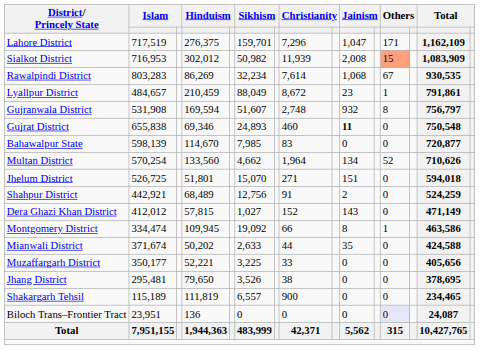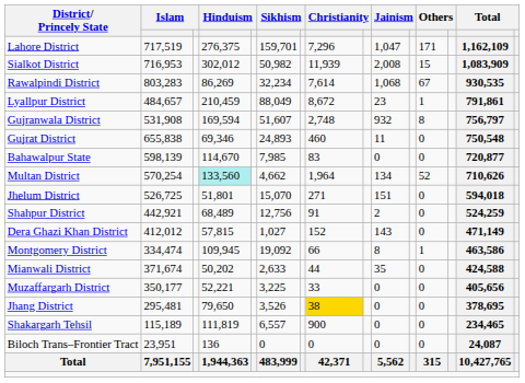 <table class="wikitable sortable">
 <tr>
 <th rowspan="2"><a href='#'>District</a>/<br><a href='#'>Princely State</a></th>
 <th colspan="2"><a href='#'>Islam</a> </th>
 <th colspan="2"><a href='#'>Hinduism</a> </th>
 <th colspan="2"><a href='#'>Sikhism</a> </th>
 <th colspan="2"><a href='#'>Christianity</a> </th>
 <th colspan="2"><a href='#'>Jainism</a> </th>
 <th colspan="2">Others</th>
 <th colspan="2">Total</th>
 </tr>
 <tr>
 <th><a href='#'></a></th>
 <th></th>
 <th></th>
 <th></th>
 <th></th>
 <th></th>
 <th></th>
 <th></th>
 <th></th>
 <th></th>
 <th></th>
 <th></th>
 <th></th>
 <th></th>
 </tr>
 <tr>
 <td><a href='#'>Lahore District</a></td>
 <td>717,519</td>
 <td></td>
 <td>276,375</td>
 <td></td>
 <td>159,701</td>
 <td></td>
 <td>7,296</td>
 <td></td>
 <td>1,047</td>
 <td></td>
 <td>171</td>
 <td></td>
 <th>1,162,109</th>
 <th></th>
 </tr>
 <tr>
 <td><a href='#'>Sialkot District</a></td>
 <td>716,953</td>
 <td></td>
 <td>302,012</td>
 <td></td>
 <td>50,982</td>
 <td></td>
 <td>11,939</td>
 <td></td>
 <td>2,008</td>
 <td></td>
-<td style="background: lightsalmon;">15</td>
+<td>15</td>
 <td></td>
 <th>1,083,909</th>
 <th></th>
 </tr>
 <tr>
 <td><a href='#'>Rawalpindi District</a></td>
 <td>803,283</td>
 <td></td>
 <td>86,269</td>
 <td></td>
 <td>32,234</td>
 <td></td>
 <td>7,614</td>
 <td></td>
 <td>1,068</td>
 <td></td>
 <td>67</td>
 <td></td>
 <th>930,535</th>
 <th></th>
 </tr>
 <tr>
 <td><a href='#'>Lyallpur District</a></td>
 <td>484,657</td>
 <td></td>
 <td>210,459</td>
 <td></td>
 <td>88,049</td>
 <td></td>
 <td>8,672</td>
 <td></td>
 <td>23</td>
 <td></td>
 <td>1</td>
 <td></td>
 <th>791,861</th>
 <th></th>
 </tr>
 <tr>
 <td><a href='#'>Gujranwala District</a></td>
 <td>531,908</td>
 <td></td>
 <td>169,594</td>
 <td></td>
 <td>51,607</td>
 <td></td>
 <td>2,748</td>
 <td></td>
 <td>932</td>
 <td></td>
 <td>8</td>
 <td></td>
 <th>756,797</th>
 <th></th>
 </tr>
 <tr>
 <td><a href='#'>Gujrat District</a></td>
 <td>655,838</td>
 <td></td>
 <td>69,346</td>
 <td></td>
 <td>24,893</td>
 <td></td>
 <td>460</td>
 <td></td>
-<td><strong>11</strong></td>
+<td>11</td>
 <td></td>
 <td>0</td>
 <td></td>
 <th>750,548</th>
 <th></th>
 </tr>
 <tr>
 <td><a href='#'>Bahawalpur State</a></td>
 <td>598,139</td>
 <td></td>
 <td>114,670</td>
 <td></td>
 <td>7,985</td>
 <td></td>
 <td>83</td>
 <td></td>
 <td>0</td>
 <td></td>
 <td>0</td>
 <td></td>
 <th>720,877</th>
 <th></th>
 </tr>
 <tr>
 <td><a href='#'>Multan District</a></td>
 <td>570,254</td>
 <td></td>
-<td>133,560</td>
+<td style="background: paleturquoise;">133,560</td>
 <td></td>
 <td>4,662</td>
 <td></td>
 <td>1,964</td>
 <td></td>
 <td>134</td>
 <td></td>
 <td>52</td>
 <td></td>
 <th>710,626</th>
 <th></th>
 </tr>
 <tr>
 <td><a href='#'>Jhelum District</a></td>
 <td>526,725</td>
 <td></td>
 <td>51,801</td>
 <td></td>
 <td>15,070</td>
 <td></td>
 <td>271</td>
 <td></td>
 <td>151</td>
 <td></td>
 <td>0</td>
 <td></td>
 <th>594,018</th>
 <th></th>
 </tr>
 <tr>
 <td><a href='#'>Shahpur District</a></td>
 <td>442,921</td>
 <td></td>
 <td>68,489</td>
 <td></td>
 <td>12,756</td>
 <td></td>
 <td>91</td>
 <td></td>
 <td>2</td>
 <td></td>
 <td>0</td>
 <td></td>
 <th>524,259</th>
 <th></th>
 </tr>
 <tr>
 <td><a href='#'>Dera Ghazi Khan District</a></td>
 <td>412,012</td>
 <td></td>
 <td>57,815</td>
 <td></td>
 <td>1,027</td>
 <td></td>
 <td>152</td>
 <td></td>
 <td>143</td>
 <td></td>
 <td>0</td>
 <td></td>
 <th>471,149</th>
 <th></th>
 </tr>
 <tr>
 <td><a href='#'>Montgomery District</a></td>
 <td>334,474</td>
 <td></td>
 <td>109,945</td>
 <td></td>
 <td>19,092</td>
 <td></td>
 <td>66</td>
 <td></td>
 <td>8</td>
 <td></td>
 <td>1</td>
 <td></td>
 <th>463,586</th>
 <th></th>
 </tr>
 <tr>
 <td><a href='#'>Mianwali District</a></td>
 <td>371,674</td>
 <td></td>
 <td>50,202</td>
 <td></td>
 <td>2,633</td>
 <td></td>
 <td>44</td>
 <td></td>
 <td>35</td>
 <td></td>
 <td>0</td>
 <td></td>
 <th>424,588</th>
 <th></th>
 </tr>
 <tr>
 <td><a href='#'>Muzaffargarh District</a></td>
 <td>350,177</td>
 <td></td>
 <td>52,221</td>
 <td></td>
 <td>3,225</td>
 <td></td>
 <td>33</td>
 <td></td>
 <td>0</td>
 <td></td>
 <td>0</td>
 <td></td>
 <th>405,656</th>
 <th></th>
 </tr>
 <tr>
 <td><a href='#'>Jhang District</a></td>
 <td>295,481</td>
 <td></td>
 <td>79,650</td>
 <td></td>
 <td>3,526</td>
 <td></td>
-<td>38</td>
+<td style="background: gold;">38</td>
 <td></td>
 <td>0</td>
 <td></td>
 <td>0</td>
 <td></td>
 <th>378,695</th>
 <th></th>
 </tr>
 <tr>
 <td><a href='#'>Shakargarh Tehsil</a></td>
 <td>115,189</td>
 <td></td>
 <td>111,819</td>
 <td></td>
 <td>6,557</td>
 <td></td>
 <td>900</td>
 <td></td>
 <td>0</td>
 <td></td>
 <td>0</td>
 <td></td>
 <th>234,465</th>
 <th></th>
 </tr>
 <tr>
 <td>Biloch Trans–Frontier Tract</td>
 <td>23,951</td>
 <td></td>
 <td>136</td>
 <td></td>
 <td>0</td>
 <td></td>
 <td>0</td>
 <td></td>
 <td>0</td>
 <td></td>
-<td style="background: lavender;">0</td>
+<td>0</td>
 <td></td>
 <th>24,087</th>
 <th></th>
 </tr>
 <tr>
 <th>Total</th>
 <th>7,951,155</th>
 <th></th>
 <th>1,944,363</th>
 <th></th>
 <th>483,999</th>
 <th></th>
 <th>42,371</th>
 <th></th>
 <th>5,562</th>
 <th></th>
 <th>315</th>
 <th></th>
 <th>10,427,765</th>
 <th></th>
 </tr>
 <tr class="sortbottom">
 <td colspan="15"></td>
 </tr>
 </table>
